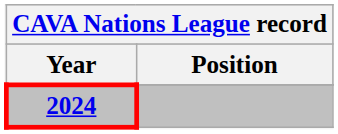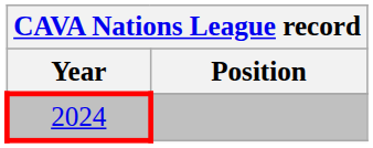 <table class="wikitable" style="text-align: center;">
 <tr>
 <th colspan=6><a href='#'>CAVA Nations League</a> record</th>
 </tr>
 <tr>
 <th>Year</th>
 <th>Position</th>
 </tr>
 <tr>
 </tr>
 <tr style  ="background:silver">
-<td style="border: 3px solid red"><strong> <a href='#'>2024</a></strong></td>
+<td style="border: 3px solid red"> <a href='#'>2024</a></td>
 <td><strong></strong></td>
 </tr>
 </table>
